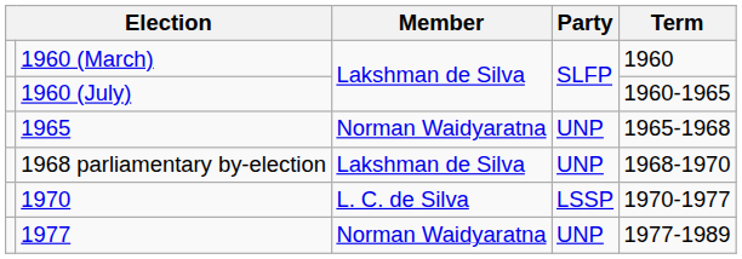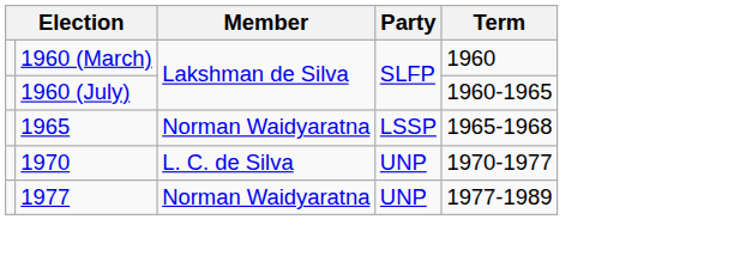 <table class="wikitable">
 <tr>
 <th colspan="2">Election</th>
 <th>Member</th>
 <th>Party</th>
 <th>Term</th>
 </tr>
 <tr>
 <td style="background-color: "></td>
 <td><a href='#'>1960 (March)</a></td>
 <td rowspan=2><a href='#'>Lakshman de Silva</a></td>
 <td rowspan=2><a href='#'>SLFP</a></td>
 <td>1960</td>
 </tr>
 <tr>
 <td style="background-color: "></td>
 <td><a href='#'>1960 (July)</a></td>
 <td>1960-1965</td>
 </tr>
 <tr>
 <td style="background-color: "></td>
 <td><a href='#'>1965</a></td>
 <td><a href='#'>Norman Waidyaratna</a></td>
-<td><a href='#'>UNP</a></td>
+<td><a href='#'>LSSP</a></td>
 <td>1965-1968</td>
-</tr>
-<tr>
-<td style="background-color: "></td>
-<td>1968 parliamentary by-election</td>
-<td><a href='#'>Lakshman de Silva</a></td>
-<td><a href='#'>UNP</a></td>
-<td>1968-1970</td>
 </tr>
 <tr>
 <td style="background-color: "></td>
 <td><a href='#'>1970</a></td>
 <td><a href='#'>L. C. de Silva</a></td>
-<td><a href='#'>LSSP</a></td>
+<td><a href='#'>UNP</a></td>
 <td>1970-1977</td>
 </tr>
 <tr>
 <td style="background-color: "></td>
 <td><a href='#'>1977</a></td>
 <td><a href='#'>Norman Waidyaratna</a></td>
 <td><a href='#'>UNP</a></td>
 <td>1977-1989</td>
 </tr>
 </table>
